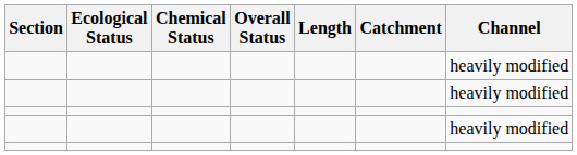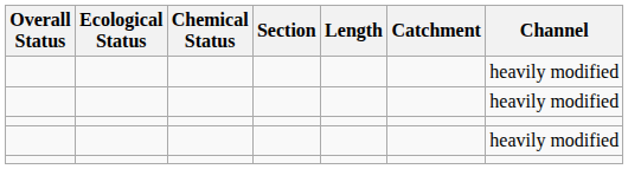 <table class="wikitable">
 <tr>
-<th>Section</th>
+<th>Overall<br>Status</th>
 <th>Ecological<br>Status</th>
 <th>Chemical<br>Status</th>
-<th>Overall<br>Status</th>
+<th>Section</th>
 <th>Length</th>
 <th>Catchment</th>
 <th>Channel</th>
 </tr>
 <tr>
 <td></td>
 <td></td>
 <td></td>
 <td></td>
 <td></td>
 <td></td>
 <td>heavily modified</td>
 </tr>
 <tr>
 <td></td>
 <td></td>
 <td></td>
 <td></td>
 <td></td>
 <td></td>
 <td>heavily modified</td>
 </tr>
 <tr>
 <td></td>
 <td></td>
 <td></td>
 <td></td>
 <td></td>
 <td></td>
 <td></td>
 </tr>
 <tr>
 <td></td>
 <td></td>
 <td></td>
 <td></td>
 <td></td>
 <td></td>
 <td>heavily modified</td>
 </tr>
 <tr>
 <td></td>
 <td></td>
 <td></td>
 <td></td>
 <td></td>
 <td></td>
 <td></td>
 </tr>
 </table>
